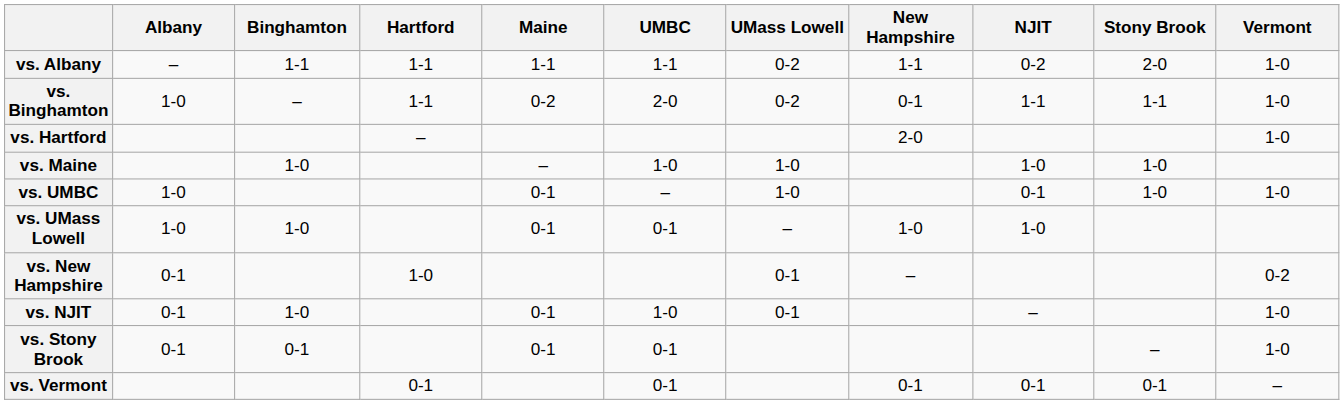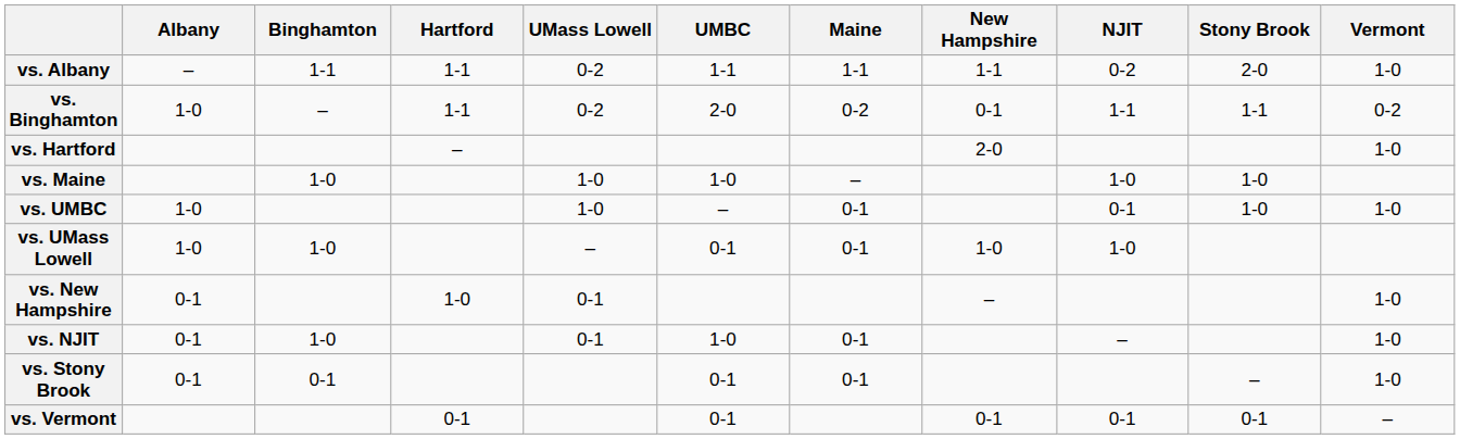 <table class="wikitable" style="text-align:center">
 <tr>
 <th colspan="1"></th>
 <th width="110">Albany</th>
 <th width="110">Binghamton</th>
 <th width="110">Hartford</th>
+<th width="110">UMass Lowell</th>
+<th width="110">UMBC</th>
 <th width="110">Maine</th>
-<th width="110">UMBC</th>
-<th width="110">UMass Lowell</th>
 <th width="110">New Hampshire</th>
 <th width="110">NJIT</th>
 <th width="110">Stony Brook</th>
 <th width="110">Vermont</th>
 </tr>
 <tr>
 <th>vs. Albany</th>
 <td>–</td>
 <td>1-1</td>
 <td>1-1</td>
+<td>0-2</td>
 <td>1-1</td>
 <td>1-1</td>
-<td>0-2</td>
 <td>1-1</td>
 <td>0-2</td>
 <td>2-0</td>
 <td>1-0</td>
 </tr>
 <tr>
 <th>vs. Binghamton</th>
 <td>1-0</td>
 <td>–</td>
 <td>1-1</td>
 <td>0-2</td>
 <td>2-0</td>
 <td>0-2</td>
 <td>0-1</td>
 <td>1-1</td>
 <td>1-1</td>
-<td>1-0</td>
+<td>0-2</td>
 </tr>
 <tr>
 <th>vs. Hartford</th>
 <td></td>
 <td></td>
 <td>–</td>
 <td></td>
 <td></td>
 <td></td>
 <td>2-0</td>
 <td></td>
 <td></td>
 <td>1-0</td>
 </tr>
 <tr>
 <th>vs. Maine</th>
 <td></td>
 <td>1-0</td>
 <td></td>
-<td>–</td>
 <td>1-0</td>
 <td>1-0</td>
+<td>–</td>
 <td></td>
 <td>1-0</td>
 <td>1-0</td>
 <td></td>
 </tr>
 <tr>
 <th>vs. UMBC</th>
 <td>1-0</td>
 <td></td>
 <td></td>
+<td>1-0</td>
+<td>–</td>
 <td>0-1</td>
-<td>–</td>
-<td>1-0</td>
 <td></td>
 <td>0-1</td>
 <td>1-0</td>
 <td>1-0</td>
 </tr>
 <tr>
 <th>vs. UMass Lowell</th>
 <td>1-0</td>
 <td>1-0</td>
 <td></td>
+<td>–</td>
 <td>0-1</td>
 <td>0-1</td>
-<td>–</td>
 <td>1-0</td>
 <td>1-0</td>
 <td></td>
 <td></td>
 </tr>
 <tr>
 <th>vs. New Hampshire</th>
 <td>0-1</td>
 <td></td>
 <td>1-0</td>
+<td>0-1</td>
 <td></td>
 <td></td>
-<td>0-1</td>
 <td>–</td>
 <td></td>
 <td></td>
-<td>0-2</td>
+<td>1-0</td>
 </tr>
 <tr>
 <th>vs. NJIT</th>
 <td>0-1</td>
 <td>1-0</td>
 <td></td>
 <td>0-1</td>
 <td>1-0</td>
 <td>0-1</td>
 <td></td>
 <td>–</td>
 <td></td>
 <td>1-0</td>
 </tr>
 <tr>
 <th>vs. Stony Brook</th>
 <td>0-1</td>
 <td>0-1</td>
 <td></td>
+<td></td>
 <td>0-1</td>
 <td>0-1</td>
-<td></td>
 <td></td>
 <td></td>
 <td>–</td>
 <td>1-0</td>
 </tr>
 <tr>
 <th>vs. Vermont</th>
 <td></td>
 <td></td>
 <td>0-1</td>
 <td></td>
 <td>0-1</td>
 <td></td>
 <td>0-1</td>
 <td>0-1</td>
 <td>0-1</td>
 <td>–</td>
 </tr>
 </table>
